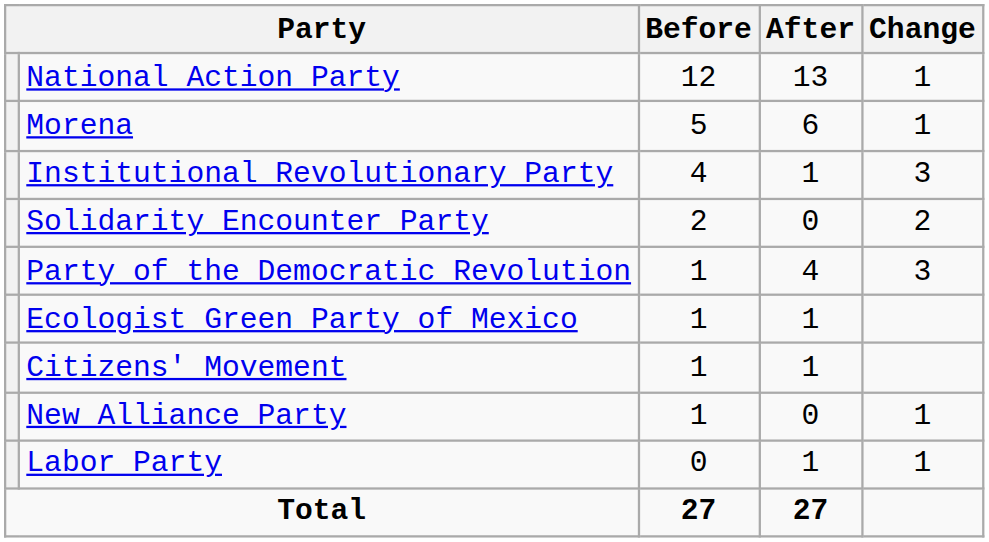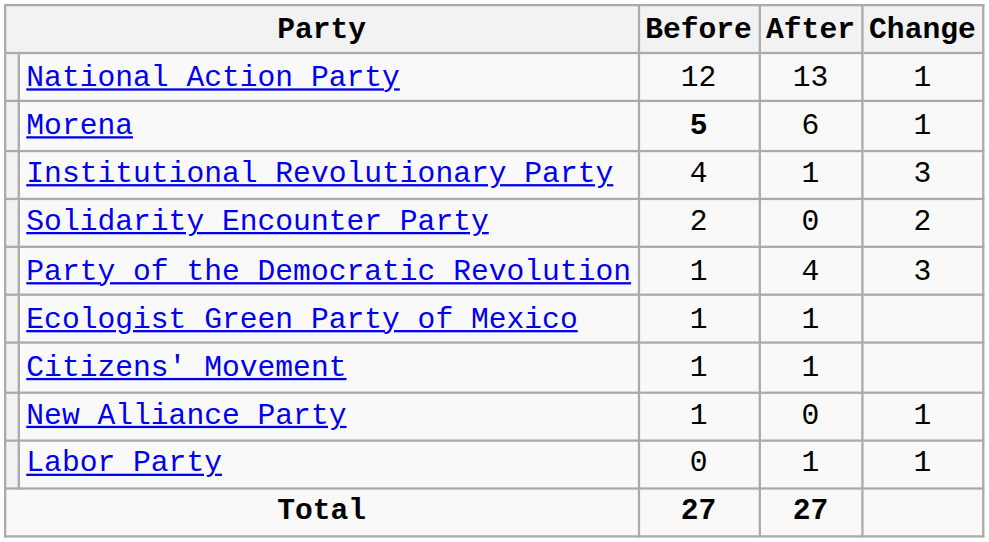 <table class="wikitable" style="text-align:center;">
 <tr>
 <th colspan="2">Party</th>
 <th style="width:3em">Before</th>
 <th style="width:3em">After</th>
 <th style="width:3em">Change</th>
 </tr>
 <tr>
 <th style="background-color:"></th>
 <td style="text-align:left;"><a href='#'>National Action Party</a></td>
 <td>12</td>
 <td>13</td>
 <td>1</td>
 </tr>
 <tr>
 <th style="background-color:"></th>
 <td style="text-align:left;"><a href='#'>Morena</a></td>
-<td>5</td>
+<td><strong>5</strong></td>
 <td>6</td>
 <td>1</td>
 </tr>
 <tr>
 <th style="background-color:"></th>
 <td style="text-align:left;"><a href='#'>Institutional Revolutionary Party</a></td>
 <td>4</td>
 <td>1</td>
 <td>3</td>
 </tr>
 <tr>
 <th style="background-color:"></th>
 <td style="text-align:left;"><a href='#'>Solidarity Encounter Party</a></td>
 <td>2</td>
 <td>0</td>
 <td>2</td>
 </tr>
 <tr>
 <th style="background-color:"></th>
 <td style="text-align:left;"><a href='#'>Party of the Democratic Revolution</a></td>
 <td>1</td>
 <td>4</td>
 <td>3</td>
 </tr>
 <tr>
 <th style="background-color:"></th>
 <td style="text-align:left;"><a href='#'>Ecologist Green Party of Mexico</a></td>
 <td>1</td>
 <td>1</td>
 <td></td>
 </tr>
 <tr>
 <th style="background-color:"></th>
 <td style="text-align:left;"><a href='#'>Citizens' Movement</a></td>
 <td>1</td>
 <td>1</td>
 <td></td>
 </tr>
 <tr>
 <th style="background-color:"></th>
 <td style="text-align:left;"><a href='#'>New Alliance Party</a></td>
 <td>1</td>
 <td>0</td>
 <td>1</td>
 </tr>
 <tr>
 <th style="background-color:"></th>
 <td style="text-align:left;"><a href='#'>Labor Party</a></td>
 <td>0</td>
 <td>1</td>
 <td>1</td>
 </tr>
 <tr>
 <td colspan="2"><strong>Total</strong></td>
 <td><strong>27</strong></td>
 <td><strong>27</strong></td>
 <td></td>
 </tr>
 </table>
